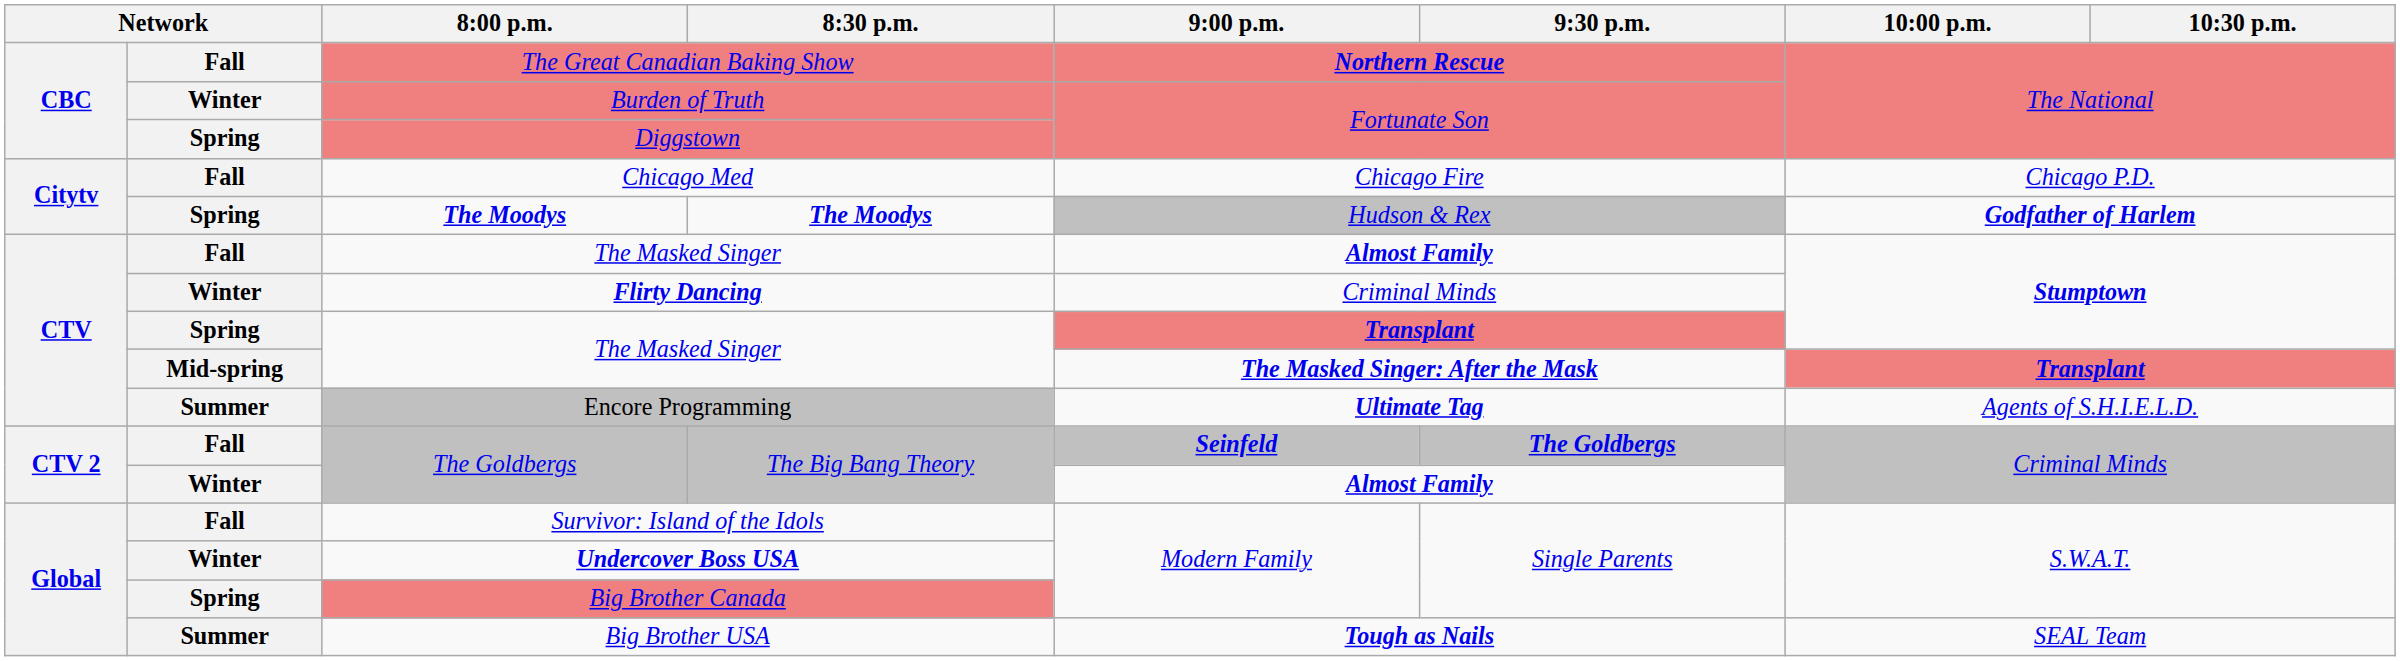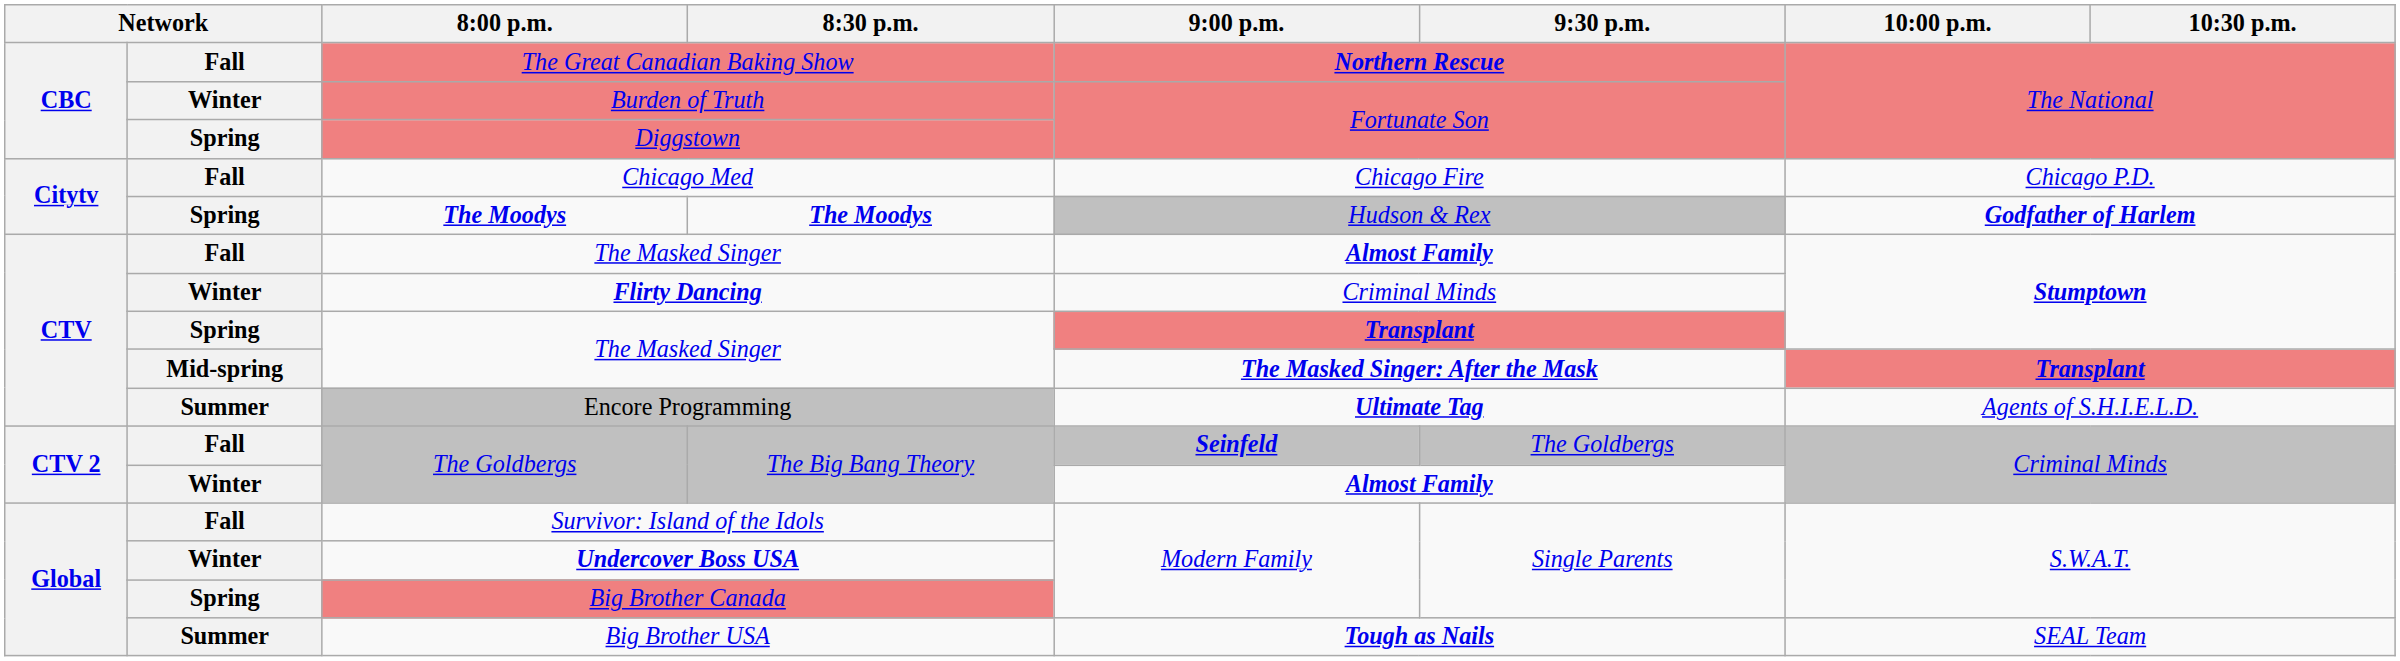 <table class="wikitable" style="width:100%;margin-right:0;text-align:center">
 <tr>
 <th colspan="2" style="width:13%;">Network</th>
 <th style="width:15%;">8:00 p.m.</th>
 <th style="width:15%;">8:30 p.m.</th>
 <th style="width:15%;">9:00 p.m.</th>
 <th style="width:15%;">9:30 p.m.</th>
 <th style="width:12.5%;">10:00 p.m.</th>
 <th style="width:12.5%;">10:30 p.m.</th>
 </tr>
 <tr>
 <th rowspan=3><a href='#'>CBC</a></th>
 <th>Fall</th>
 <td colspan=2 style=background:#f08080><em><a href='#'>The Great Canadian Baking Show</a></em></td>
 <td colspan=2 style=background:#f08080><strong><em><a href='#'>Northern Rescue</a></em></strong></td>
 <td colspan=2 rowspan=3 style=background:#f08080><em><a href='#'>The National</a></em></td>
 </tr>
 <tr>
 <th>Winter</th>
 <td colspan=2 style=background:#f08080><em><a href='#'>Burden of Truth</a></em></td>
 <td colspan=2 rowspan=2 style=background:#f08080><em><a href='#'>Fortunate Son</a></em></td>
 </tr>
 <tr>
 <th>Spring</th>
 <td colspan=2 style=background:#f08080><em><a href='#'>Diggstown</a></em></td>
 </tr>
 <tr>
 <th rowspan="2"><a href='#'>Citytv</a></th>
 <th>Fall</th>
 <td colspan="2"><em><a href='#'>Chicago Med</a></em></td>
 <td colspan="2"><em><a href='#'>Chicago Fire</a></em></td>
 <td colspan="2"><em><a href='#'>Chicago P.D.</a></em></td>
 </tr>
 <tr>
 <th>Spring</th>
 <td><strong><em><a href='#'>The Moodys</a></em></strong></td>
 <td><strong><em><a href='#'>The Moodys</a></em></strong></td>
 <td colspan=2 style=background:silver><em><a href='#'>Hudson & Rex</a></em> </td>
 <td colspan=2><strong><em><a href='#'>Godfather of Harlem</a></em></strong></td>
 </tr>
 <tr>
 <th rowspan=5><a href='#'>CTV</a></th>
 <th>Fall</th>
 <td colspan=2><em><a href='#'>The Masked Singer</a></em></td>
 <td colspan=2><strong><em><a href='#'>Almost Family</a></em></strong></td>
 <td colspan=2 rowspan=3><strong><em><a href='#'>Stumptown</a></em></strong></td>
 </tr>
 <tr>
 <th>Winter</th>
 <td colspan=2><strong><em><a href='#'>Flirty Dancing</a></em></strong></td>
 <td colspan=2><em><a href='#'>Criminal Minds</a></em></td>
 </tr>
 <tr>
 <th>Spring</th>
 <td colspan=2 rowspan=2><em><a href='#'>The Masked Singer</a></em></td>
 <td colspan=2 style=background:#f08080><strong><em><a href='#'>Transplant</a></em></strong></td>
 </tr>
 <tr>
 <th>Mid-spring</th>
 <td colspan="2"><strong><em><a href='#'>The Masked Singer: After the Mask</a></em></strong></td>
 <td colspan=2 style=background:#f08080><strong><em><a href='#'>Transplant</a></em></strong></td>
 </tr>
 <tr>
 <th>Summer</th>
 <td colspan=2 style=background:silver>Encore Programming</td>
 <td colspan=2><strong><em><a href='#'>Ultimate Tag</a></em></strong></td>
 <td colspan=2><em><a href='#'>Agents of S.H.I.E.L.D.</a></em></td>
 </tr>
 <tr>
 <th rowspan=2><a href='#'>CTV 2</a></th>
 <th>Fall</th>
 <td style=background:silver rowspan=2><em><a href='#'>The Goldbergs</a></em> </td>
 <td style=background:silver rowspan=2><em><a href='#'>The Big Bang Theory</a></em> </td>
 <td style=background:silver><strong><em><a href='#'>Seinfeld</a></em> </strong></td>
-<td style=background:silver><strong><em><a href='#'>The Goldbergs</a></em> </strong></td>
+<td style=background:silver><em><a href='#'>The Goldbergs</a></em> </td>
 <td colspan=2 rowspan=2 style=background:silver><em><a href='#'>Criminal Minds</a></em> </td>
 </tr>
 <tr>
 <th>Winter</th>
 <td colspan=2><strong><em><a href='#'>Almost Family</a></em></strong></td>
 </tr>
 <tr>
 <th rowspan=4><a href='#'>Global</a></th>
 <th>Fall</th>
 <td colspan=2><em><a href='#'>Survivor: Island of the Idols</a></em></td>
 <td rowspan=3><em><a href='#'>Modern Family</a></em></td>
 <td rowspan=3><em><a href='#'>Single Parents</a></em></td>
 <td colspan=2 rowspan=3><em><a href='#'>S.W.A.T.</a></em></td>
 </tr>
 <tr>
 <th>Winter</th>
 <td colspan=2><strong><em><a href='#'>Undercover Boss USA</a></em></strong></td>
 </tr>
 <tr>
 <th>Spring</th>
 <td colspan=2 style=background:#f08080><em><a href='#'>Big Brother Canada</a></em></td>
 </tr>
 <tr>
 <th>Summer</th>
 <td colspan=2><em><a href='#'>Big Brother USA</a></em></td>
 <td colspan=2><strong><em><a href='#'>Tough as Nails</a></em></strong></td>
 <td colspan=2><em><a href='#'>SEAL Team</a></em></td>
 </tr>
 </table>
